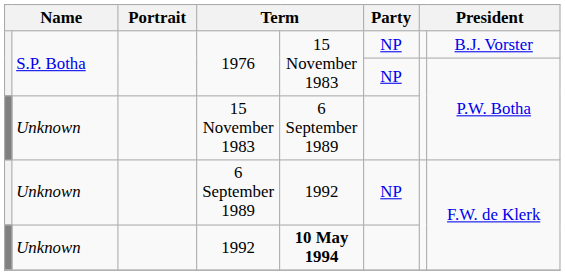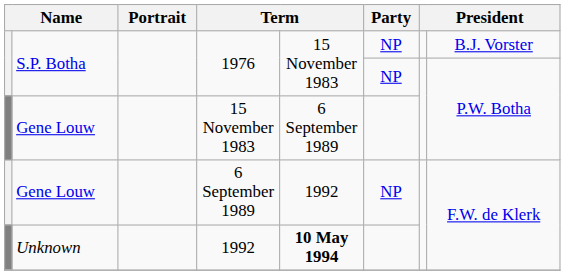 <table class="wikitable" width=60%>
 <tr>
 <th colspan=2 width=20%>Name</th>
 <th width=75>Portrait</th>
 <th colspan=2 width=30%>Term</th>
 <th width=10%>Party</th>
 <th colspan=2 width=25%>President<br> </th>
 </tr>
 <tr style="text-align:center">
 <th rowspan=2 style="width:1%;background-color: "></th>
 <td rowspan=2 align=left><a href='#'>S.P. Botha</a></td>
 <td rowspan=2></td>
 <td rowspan=2>1976</td>
 <td rowspan=2>15 November 1983</td>
 <td><a href='#'>NP</a></td>
 <td style="width:1%;background-color: "></td>
 <td><a href='#'>B.J. Vorster</a><br> </td>
 </tr>
 <tr style="text-align:center">
 <td><a href='#'>NP</a></td>
 <td rowspan=2 style="width:1%;background-color: "></td>
 <td rowspan=2><a href='#'>P.W. Botha</a><br> </td>
 </tr>
 <tr style="text-align:center">
 <th style="width:1%;background-color: grey"></th>
-<td align=left><em>Unknown</em></td>
+<td align=left><a href='#'>Gene Louw</a></td>
 <td></td>
 <td>15 November 1983</td>
 <td>6 September 1989</td>
 <td></td>
 </tr>
 <tr style="text-align:center">
 <th style="width:1%;background-color: "></th>
-<td align=left><em>Unknown</em></td>
+<td align=left><a href='#'>Gene Louw</a></td>
 <td></td>
 <td>6 September 1989</td>
 <td>1992</td>
 <td><a href='#'>NP</a></td>
 <td rowspan=2 style="width:1%;background-color: "></td>
 <td rowspan=2><a href='#'>F.W. de Klerk</a><br> </td>
 </tr>
 <tr style="text-align:center">
 <th style="width:1%;background-color: grey"></th>
 <td align=left><em>Unknown</em></td>
 <td></td>
 <td>1992</td>
 <td><strong>10 May 1994</strong></td>
 <td></td>
 </tr>
 <tr>
 </tr>
 </table>
